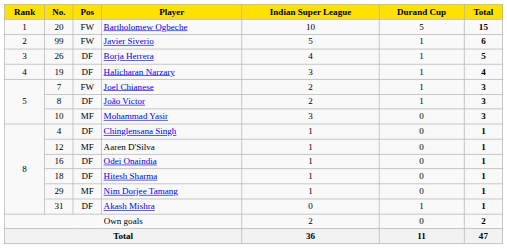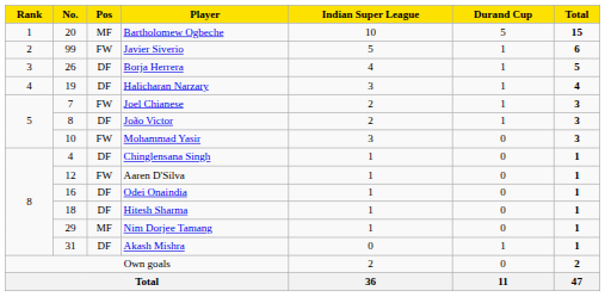 <table class="wikitable" style="text-align: center;  font-size:90%; width:50%;">
 <tr>
 <th style="background:#FDE100; color:#000000;">Rank</th>
 <th style="background:#FDE100; color:#000000;">No.</th>
 <th style="background:#FDE100; color:#000000;">Pos</th>
 <th style="background:#FDE100; color:#000000;">Player</th>
 <th style="background:#FDE100; color:#000000;">Indian Super League</th>
 <th style="background:#FDE100; color:#000000;">Durand Cup</th>
 <th style="background:#FDE100; color:#000000;">Total</th>
 </tr>
 <tr>
 <td>1</td>
 <td>20</td>
-<td>FW</td>
+<td>MF</td>
 <td align=left> <a href='#'>Bartholomew Ogbeche</a></td>
 <td>10</td>
 <td>5</td>
 <td><strong>15</strong></td>
 </tr>
 <tr>
 <td>2</td>
 <td>99</td>
 <td>FW</td>
 <td align=left> <a href='#'>Javier Siverio</a></td>
 <td>5</td>
 <td>1</td>
 <td><strong>6</strong></td>
 </tr>
 <tr>
 <td>3</td>
 <td>26</td>
 <td>DF</td>
 <td align=left> <a href='#'>Borja Herrera</a></td>
 <td>4</td>
 <td>1</td>
 <td><strong>5</strong></td>
 </tr>
 <tr>
 <td>4</td>
 <td>19</td>
 <td>DF</td>
 <td align=left> <a href='#'>Halicharan Narzary</a></td>
 <td>3</td>
 <td>1</td>
 <td><strong>4</strong></td>
 </tr>
 <tr>
 <td rowspan="3">5</td>
 <td>7</td>
 <td>FW</td>
 <td align=left> <a href='#'>Joel Chianese</a></td>
 <td>2</td>
 <td>1</td>
 <td><strong>3</strong></td>
 </tr>
 <tr>
 <td>8</td>
 <td>DF</td>
 <td align=left> <a href='#'>João Victor</a></td>
 <td>2</td>
 <td>1</td>
 <td><strong>3</strong></td>
 </tr>
 <tr>
 <td>10</td>
-<td>MF</td>
+<td>FW</td>
 <td align=left> <a href='#'>Mohammad Yasir</a></td>
 <td>3</td>
 <td>0</td>
 <td><strong>3</strong></td>
 </tr>
 <tr>
 <td rowspan="6">8</td>
 <td>4</td>
 <td>DF</td>
 <td align=left> <a href='#'>Chinglensana Singh</a></td>
 <td>1</td>
 <td>0</td>
 <td><strong>1</strong></td>
 </tr>
 <tr>
 <td>12</td>
-<td>MF</td>
+<td>FW</td>
 <td align=left> Aaren D'Silva</td>
 <td>1</td>
 <td>0</td>
 <td><strong>1</strong></td>
 </tr>
 <tr>
 <td>16</td>
 <td>DF</td>
 <td align=left> <a href='#'>Odei Onaindia</a></td>
 <td>1</td>
 <td>0</td>
 <td><strong>1</strong></td>
 </tr>
 <tr>
 <td>18</td>
 <td>DF</td>
 <td align=left> <a href='#'>Hitesh Sharma</a></td>
 <td>1</td>
 <td>0</td>
 <td><strong>1</strong></td>
 </tr>
 <tr>
 <td>29</td>
 <td>MF</td>
 <td align=left> <a href='#'>Nim Dorjee Tamang</a></td>
 <td>1</td>
 <td>0</td>
 <td><strong>1</strong></td>
 </tr>
 <tr>
 <td>31</td>
 <td>DF</td>
 <td align=left> <a href='#'>Akash Mishra</a></td>
 <td>0</td>
 <td>1</td>
 <td><strong>1</strong></td>
 </tr>
 <tr>
 <td colspan="4">Own goals</td>
 <td>2</td>
 <td>0</td>
 <td><strong>2</strong></td>
 </tr>
 <tr>
 <th colspan="4"><strong>Total</strong></th>
 <th><strong>36</strong></th>
 <th><strong>11</strong></th>
 <th><strong>47</strong></th>
 </tr>
 </table>
